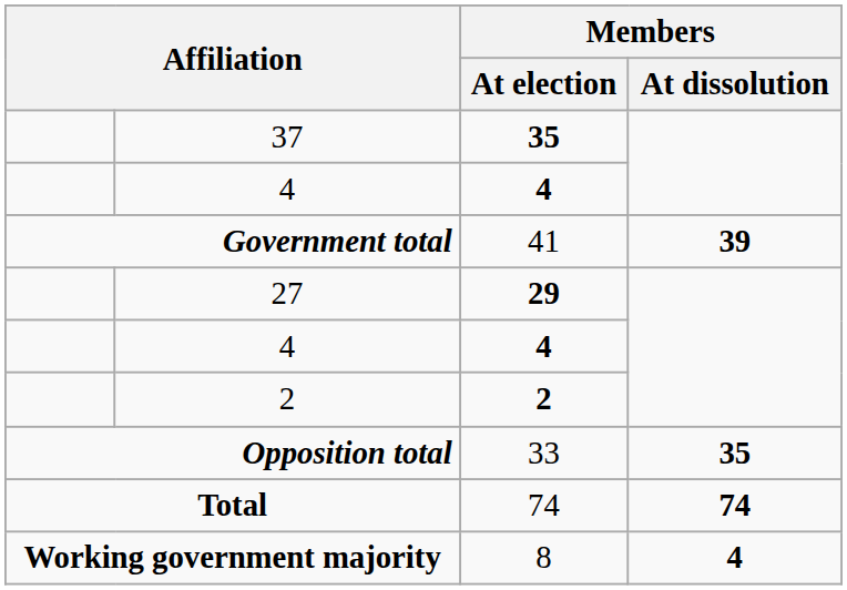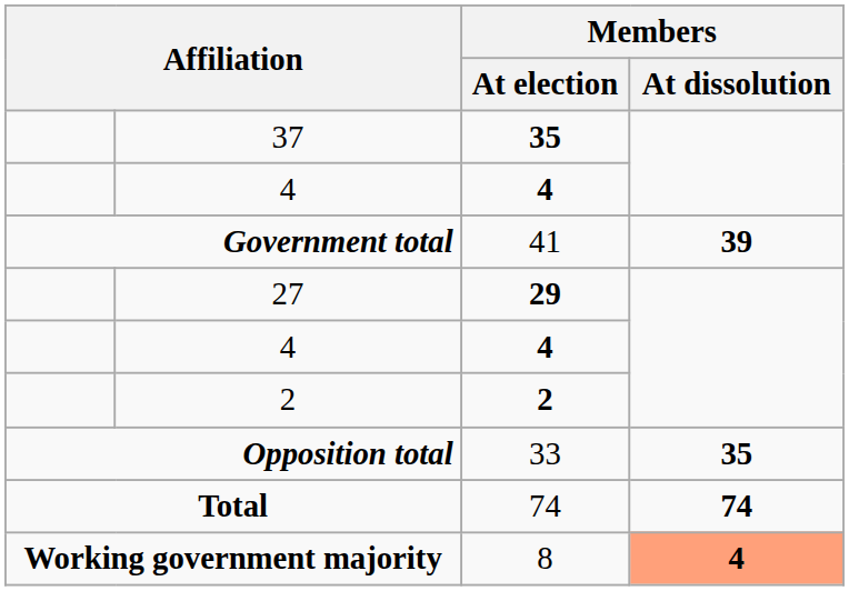 <table class="wikitable" border="1" style="font-size:95%; width:300pt; text-align:center">
 <tr>
 <th colspan="2" rowspan="2" style="text-align:center;vertical-align:middle; ">Affiliation</th>
 <th colspan="2" style="vertical-align:top;">Members</th>
 </tr>
 <tr>
 <th>At election</th>
 <th>At dissolution</th>
 </tr>
 <tr>
 <td></td>
 <td>37</td>
 <td><strong>35</strong></td>
 </tr>
 <tr>
 <td></td>
 <td>4</td>
 <td><strong>4</strong></td>
 </tr>
 <tr>
 <td colspan="2" style="text-align:right; "><strong><em>Government total</em></strong></td>
 <td>41</td>
 <td><strong>39</strong></td>
 </tr>
 <tr>
 <td></td>
 <td>27</td>
 <td><strong>29</strong></td>
 </tr>
 <tr>
 <td></td>
 <td>4</td>
 <td><strong>4</strong></td>
 </tr>
 <tr>
 <td></td>
 <td>2</td>
 <td><strong>2</strong></td>
 </tr>
 <tr>
 <td colspan="2" style="text-align:right;"><strong><em>Opposition total</em></strong></td>
 <td>33</td>
 <td><strong>35</strong></td>
 </tr>
 <tr>
 <td colspan="2"><strong>Total</strong></td>
 <td>74</td>
 <td><strong>74</strong></td>
 </tr>
 <tr>
 <td colspan="2"><strong>Working government majority</strong></td>
 <td>8</td>
-<td><strong>4</strong></td>
+<td style="background: lightsalmon;"><strong>4</strong></td>
 </tr>
 </table>
